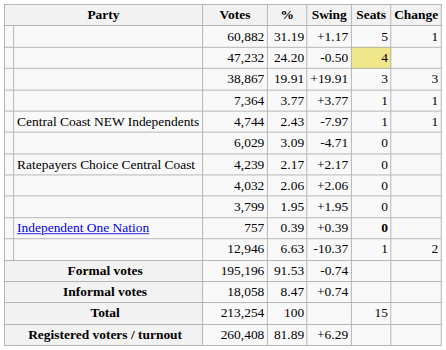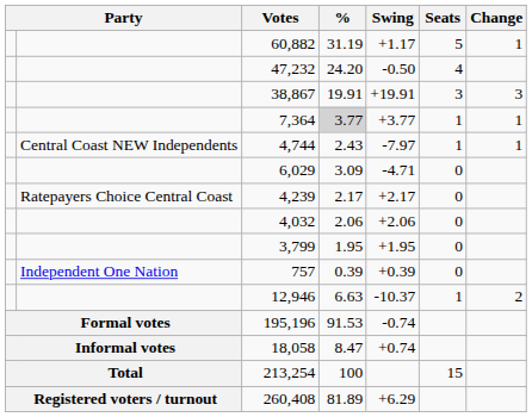 <table class="wikitable" style="text-align:right; margin-bottom:0">
 <tr>
 <th style="width:10px" colspan=3>Party</th>
 <th style="width:70px;">Votes</th>
 <th style="width:40px;">%</th>
 <th style="width:40px;">Swing</th>
 <th style="width:40px;">Seats</th>
 <th style="width:40px;">Change</th>
 </tr>
 <tr>
 <td> </td>
 <td style="text-align:left;" colspan="2"></td>
 <td>60,882</td>
 <td>31.19</td>
 <td>+1.17</td>
 <td>5</td>
 <td> 1</td>
 </tr>
 <tr>
 <td> </td>
 <td style="text-align:left;" colspan="2"></td>
 <td>47,232</td>
 <td>24.20</td>
 <td>-0.50</td>
-<td style="background: khaki;">4</td>
+<td>4</td>
 <td></td>
 </tr>
 <tr>
 <td> </td>
 <td style="text-align:left;" colspan="2"></td>
 <td>38,867</td>
 <td>19.91</td>
 <td>+19.91</td>
 <td>3</td>
 <td> 3</td>
 </tr>
 <tr>
 <td> </td>
 <td style="text-align:left;" colspan="2"></td>
 <td>7,364</td>
-<td>3.77</td>
+<td style="background: lightgrey;">3.77</td>
 <td>+3.77</td>
 <td>1</td>
 <td> 1</td>
 </tr>
 <tr>
 <td> </td>
 <td style="text-align:left;" colspan="2">Central Coast NEW Independents</td>
 <td>4,744</td>
 <td>2.43</td>
 <td>-7.97</td>
 <td>1</td>
 <td> 1</td>
 </tr>
 <tr>
 <td> </td>
 <td style="text-align:left;" colspan="2"></td>
 <td>6,029</td>
 <td>3.09</td>
 <td>-4.71</td>
 <td>0</td>
 <td></td>
 </tr>
 <tr>
 <td> </td>
 <td style="text-align:left;" colspan="2">Ratepayers Choice Central Coast</td>
 <td>4,239</td>
 <td>2.17</td>
 <td>+2.17</td>
 <td>0</td>
 <td></td>
 </tr>
 <tr>
 <td> </td>
 <td style="text-align:left;" colspan="2"></td>
 <td>4,032</td>
 <td>2.06</td>
 <td>+2.06</td>
 <td>0</td>
 <td></td>
 </tr>
 <tr>
 <td> </td>
 <td style="text-align:left;" colspan="2"></td>
 <td>3,799</td>
 <td>1.95</td>
 <td>+1.95</td>
 <td>0</td>
 <td></td>
 </tr>
 <tr>
 <td> </td>
 <td style="text-align:left;" colspan="2"><a href='#'>Independent One Nation</a></td>
 <td>757</td>
 <td>0.39</td>
 <td>+0.39</td>
-<td><strong>0</strong></td>
+<td>0</td>
 <td></td>
 </tr>
 <tr>
 <td> </td>
 <td style="text-align:left;" colspan="2"></td>
 <td>12,946</td>
 <td>6.63</td>
 <td>-10.37</td>
 <td>1</td>
 <td> 2</td>
 </tr>
 <tr>
 <th colspan="3" rowspan="1"> Formal votes</th>
 <td>195,196</td>
 <td>91.53</td>
 <td>-0.74</td>
 <td></td>
 <td></td>
 </tr>
 <tr>
 <th colspan="3" rowspan="1"> Informal votes</th>
 <td>18,058</td>
 <td>8.47</td>
 <td>+0.74</td>
 <td></td>
 <td></td>
 </tr>
 <tr>
 <th colspan="3" rowspan="1"> <strong>Total </strong></th>
 <td>213,254</td>
 <td>100</td>
 <td></td>
 <td>15</td>
 <td></td>
 </tr>
 <tr>
 <th colspan="3" rowspan="1"> Registered voters / turnout</th>
 <td>260,408</td>
 <td>81.89</td>
 <td>+6.29</td>
 <td></td>
 <td></td>
 </tr>
 </table>
